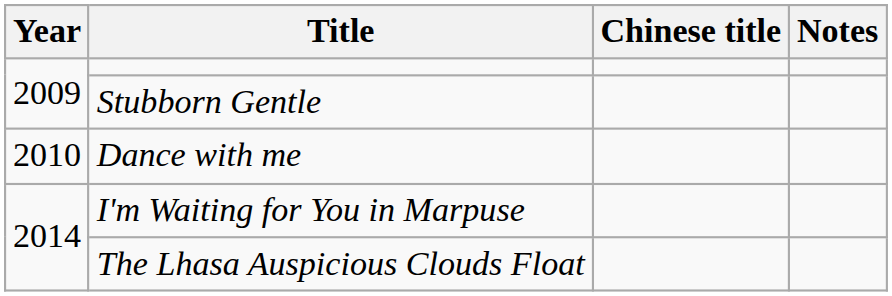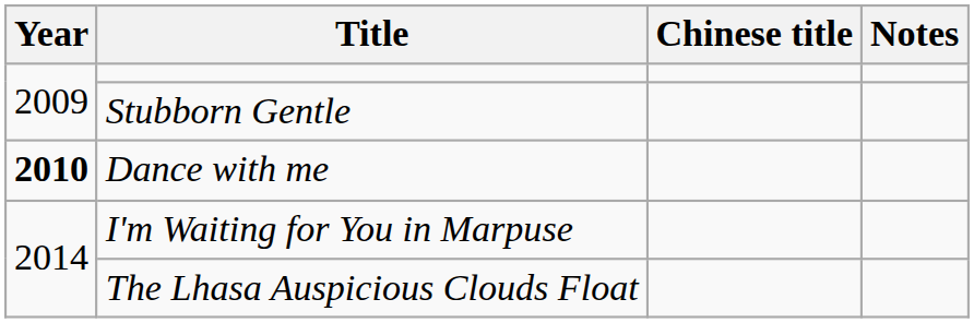 <table class="wikitable">
 <tr>
 <th>Year</th>
 <th>Title</th>
 <th>Chinese title</th>
 <th>Notes</th>
 </tr>
 <tr>
 <td rowspan="2">2009</td>
 <td></td>
 <td></td>
 <td></td>
 </tr>
 <tr>
 <td><em>Stubborn Gentle</em></td>
 <td></td>
 <td></td>
 </tr>
 <tr>
-<td>2010</td>
+<td><strong>2010</strong></td>
 <td><em>Dance with me</em></td>
 <td></td>
 <td></td>
 </tr>
 <tr>
 <td rowspan="2">2014</td>
 <td><em>I'm Waiting for You in Marpuse</em></td>
 <td></td>
 <td></td>
 </tr>
 <tr>
 <td><em>The Lhasa Auspicious Clouds Float</em></td>
 <td></td>
 <td></td>
 </tr>
 </table>
